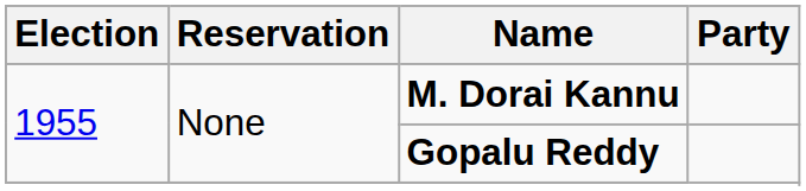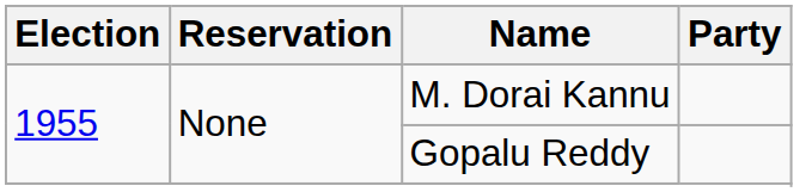 <table class="wikitable sortable">
 <tr>
 <th>Election</th>
 <th>Reservation</th>
 <th>Name</th>
 <th colspan="2">Party</th>
 </tr>
 <tr>
 <td rowspan="2"><a href='#'>1955</a></td>
 <td rowspan="2">None</td>
-<td><strong>M. Dorai Kannu</strong></td>
+<td>M. Dorai Kannu</td>
 <td></td>
 </tr>
 <tr>
-<td><strong>Gopalu Reddy</strong></td>
+<td>Gopalu Reddy</td>
 </tr>
 <tr>
 </tr>
 </table>
